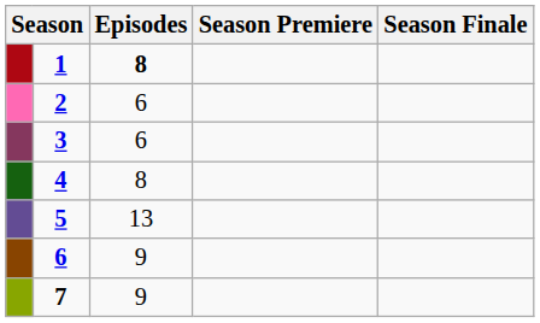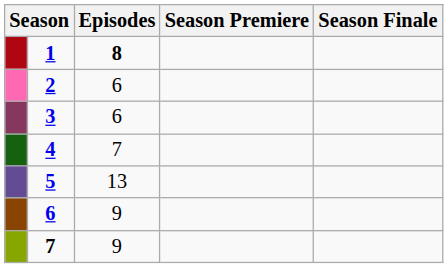 <table class="wikitable plainrowheaders">
 <tr>
 <th colspan="2">Season</th>
 <th>Episodes</th>
 <th>Season Premiere</th>
 <th>Season Finale</th>
 </tr>
 <tr>
 <td style="background:#AE0712; height:5px;"></td>
 <td style="text-align:center;"><strong><a href='#'>1</a></strong></td>
 <td style="text-align:center;"><strong>8</strong></td>
 <td style="text-align:center;"></td>
 <td style="text-align:center;"></td>
 </tr>
 <tr>
 <td style="background:hotPink; height:5px;"></td>
 <td style="text-align:center;"><strong><a href='#'>2</a></strong></td>
 <td style="text-align:center;">6</td>
 <td style="text-align:center;"></td>
 <td style="text-align:center;"></td>
 </tr>
 <tr>
 <td style="background:#85375E; height:5px;"></td>
 <td style="text-align:center;"><strong><a href='#'>3</a></strong></td>
 <td style="text-align:center;">6</td>
 <td style="text-align:center;"></td>
 <td style="text-align:center;"></td>
 </tr>
 <tr>
 <td style="background:#15610F; height:5px;"></td>
 <td style="text-align:center;"><strong><a href='#'>4</a></strong></td>
-<td style="text-align:center;">8</td>
+<td style="text-align:center;">7</td>
 <td style="text-align:center;"></td>
 <td style="text-align:center;"></td>
 </tr>
 <tr>
 <td style="background:#634C94; height:5px;"></td>
 <td style="text-align:center;"><strong><a href='#'>5</a></strong></td>
 <td style="text-align:center;">13</td>
 <td style="text-align:center;"></td>
 <td style="text-align:center;"></td>
 </tr>
 <tr>
 <td style="background:#884400; height:5px;"></td>
 <td style="text-align:center;"><strong><a href='#'>6</a></strong></td>
 <td style="text-align:center;">9</td>
 <td style="text-align:center;"></td>
 <td style="text-align:center;"></td>
 </tr>
 <tr>
 <td style="background:#88A600; height:5px;"></td>
 <td style="text-align:center;"><strong>7</strong></td>
 <td style="text-align:center;">9</td>
 <td style="text-align:center;"></td>
 <td style="text-align:center;"></td>
 </tr>
 </table>
